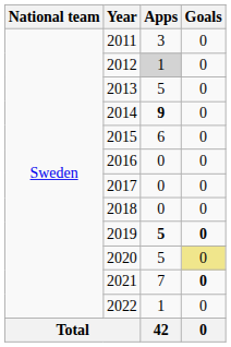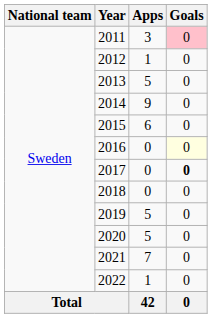 <table class="wikitable" style="text-align:center">
 <tr>
 <th>National team</th>
 <th>Year</th>
 <th>Apps</th>
 <th>Goals</th>
 </tr>
 <tr>
 <td rowspan="12"><a href='#'>Sweden</a></td>
 <td>2011</td>
 <td>3</td>
-<td>0</td>
+<td style="background: pink;">0</td>
 </tr>
 <tr>
 <td>2012</td>
-<td style="background: lightgrey;">1</td>
+<td>1</td>
 <td>0</td>
 </tr>
 <tr>
 <td>2013</td>
 <td>5</td>
 <td>0</td>
 </tr>
 <tr>
 <td>2014</td>
-<td><strong>9</strong></td>
+<td>9</td>
 <td>0</td>
 </tr>
 <tr>
 <td>2015</td>
 <td>6</td>
 <td>0</td>
 </tr>
 <tr>
 <td>2016</td>
 <td>0</td>
-<td>0</td>
+<td style="background: lightyellow;">0</td>
 </tr>
 <tr>
 <td>2017</td>
 <td>0</td>
-<td>0</td>
+<td><strong>0</strong></td>
 </tr>
 <tr>
 <td>2018</td>
 <td>0</td>
 <td>0</td>
 </tr>
 <tr>
 <td>2019</td>
-<td><strong>5</strong></td>
-<td><strong>0</strong></td>
+<td>5</td>
+<td>0</td>
 </tr>
 <tr>
 <td>2020</td>
 <td>5</td>
-<td style="background: khaki;">0</td>
+<td>0</td>
 </tr>
 <tr>
 <td>2021</td>
 <td>7</td>
-<td><strong>0</strong></td>
+<td>0</td>
 </tr>
 <tr>
 <td>2022</td>
 <td>1</td>
 <td>0</td>
 </tr>
 <tr>
 <th colspan="2">Total</th>
 <th>42</th>
 <th>0</th>
 </tr>
 </table>
